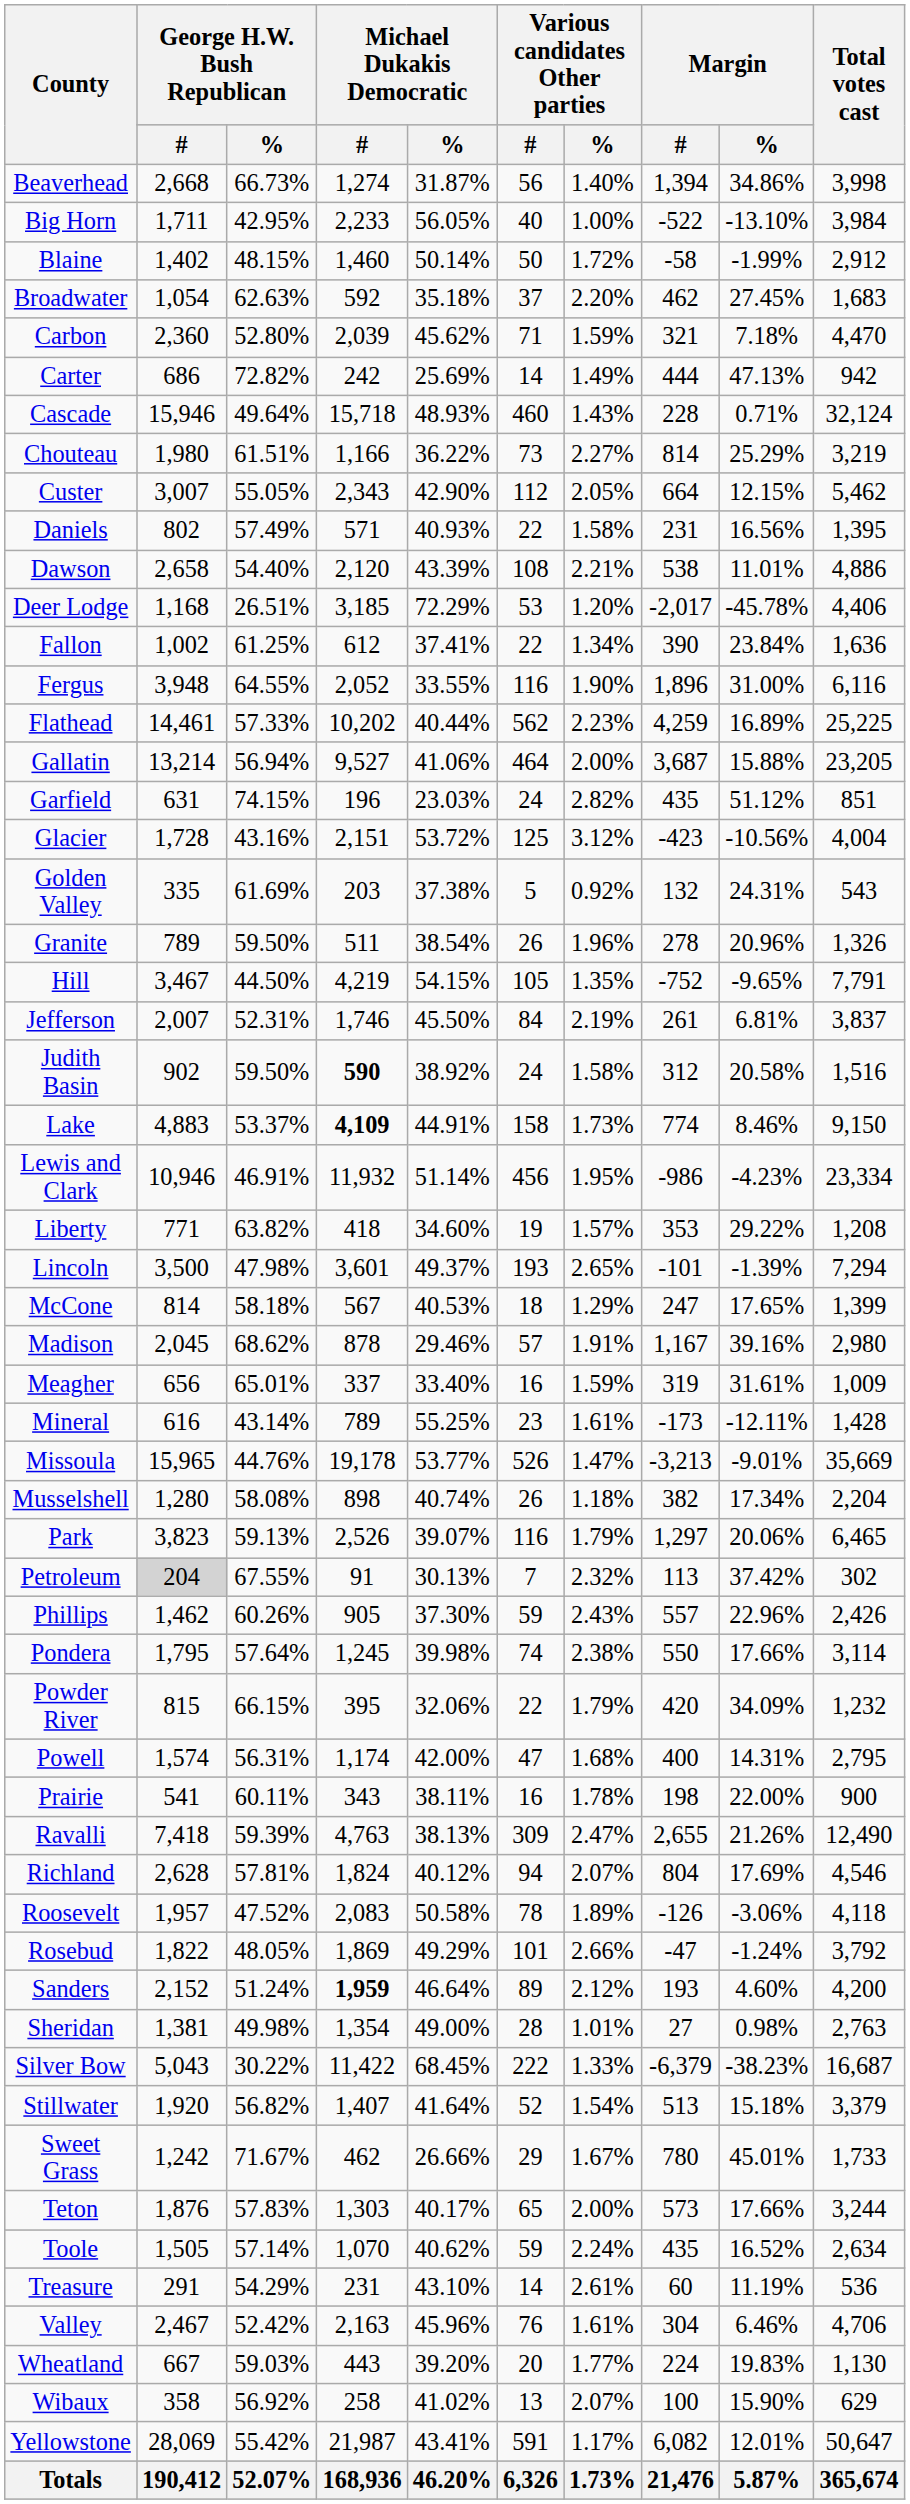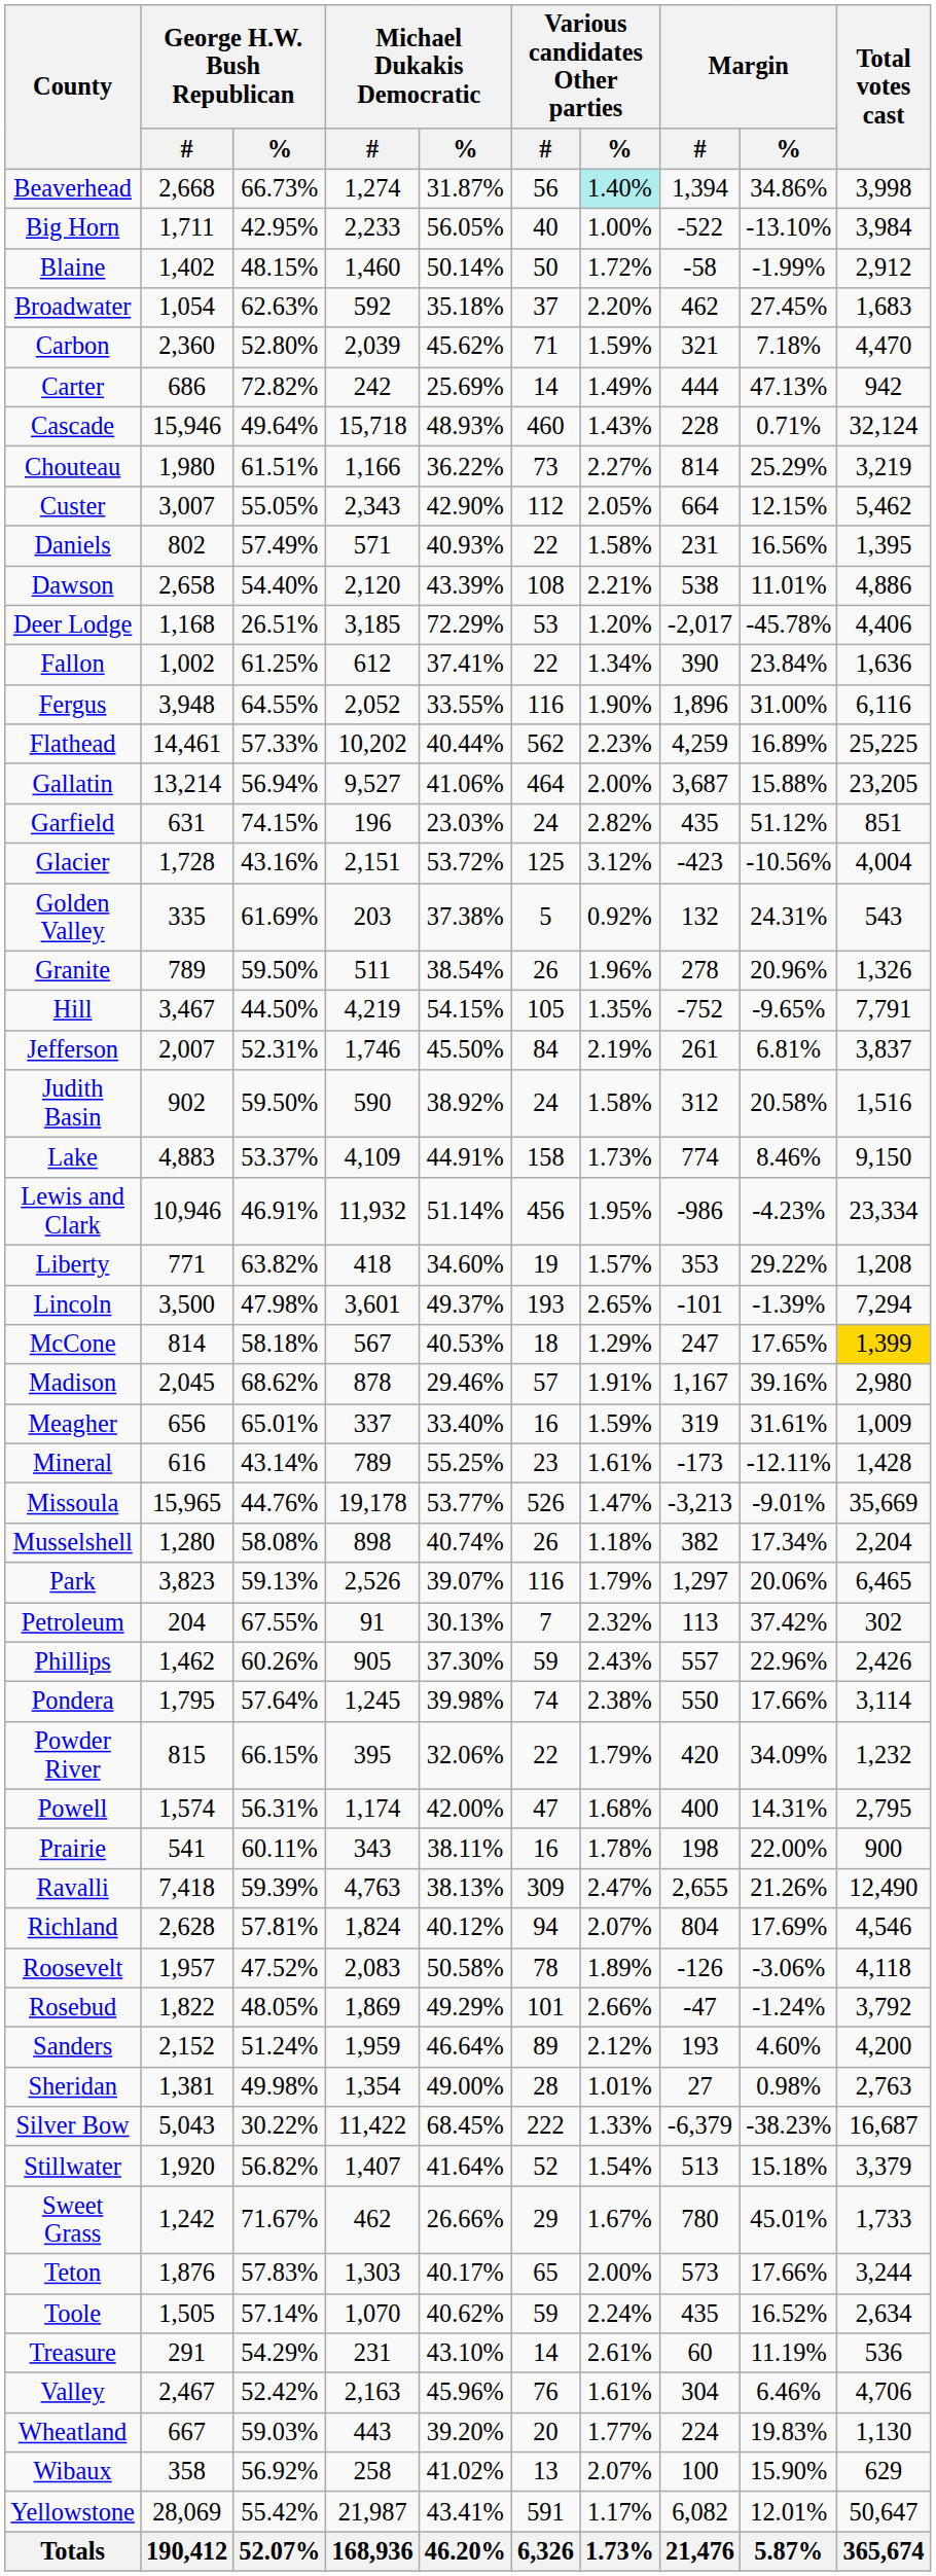 <table width="65%"  class="wikitable sortable" style="text-align:center">
 <tr>
 <th colspan="1" rowspan="2">County</th>
 <th style="text-align:center;" colspan="2">George H.W. Bush<br>Republican</th>
 <th style="text-align:center;" colspan="2">Michael Dukakis<br>Democratic</th>
 <th style="text-align:center;" colspan="2">Various candidates<br>Other parties</th>
 <th style="text-align:center;" colspan="2">Margin</th>
 <th colspan="1" rowspan="2" style="text-align:center;">Total votes cast</th>
 </tr>
 <tr>
 <th style="text-align:center;" data-sort-type="number">#</th>
 <th style="text-align:center;" data-sort-type="number">%</th>
 <th style="text-align:center;" data-sort-type="number">#</th>
 <th style="text-align:center;" data-sort-type="number">%</th>
 <th style="text-align:center;" data-sort-type="number">#</th>
 <th style="text-align:center;" data-sort-type="number">%</th>
 <th style="text-align:center;" data-sort-type="number">#</th>
 <th style="text-align:center;" data-sort-type="number">%</th>
 </tr>
 <tr style="text-align:center;">
 <td><a href='#'>Beaverhead</a></td>
 <td>2,668</td>
 <td>66.73%</td>
 <td>1,274</td>
 <td>31.87%</td>
 <td>56</td>
-<td>1.40%</td>
+<td style="background: paleturquoise;">1.40%</td>
 <td>1,394</td>
 <td>34.86%</td>
 <td>3,998</td>
 </tr>
 <tr style="text-align:center;">
 <td><a href='#'>Big Horn</a></td>
 <td>1,711</td>
 <td>42.95%</td>
 <td>2,233</td>
 <td>56.05%</td>
 <td>40</td>
 <td>1.00%</td>
 <td>-522</td>
 <td>-13.10%</td>
 <td>3,984</td>
 </tr>
 <tr style="text-align:center;">
 <td><a href='#'>Blaine</a></td>
 <td>1,402</td>
 <td>48.15%</td>
 <td>1,460</td>
 <td>50.14%</td>
 <td>50</td>
 <td>1.72%</td>
 <td>-58</td>
 <td>-1.99%</td>
 <td>2,912</td>
 </tr>
 <tr style="text-align:center;">
 <td><a href='#'>Broadwater</a></td>
 <td>1,054</td>
 <td>62.63%</td>
 <td>592</td>
 <td>35.18%</td>
 <td>37</td>
 <td>2.20%</td>
 <td>462</td>
 <td>27.45%</td>
 <td>1,683</td>
 </tr>
 <tr style="text-align:center;">
 <td><a href='#'>Carbon</a></td>
 <td>2,360</td>
 <td>52.80%</td>
 <td>2,039</td>
 <td>45.62%</td>
 <td>71</td>
 <td>1.59%</td>
 <td>321</td>
 <td>7.18%</td>
 <td>4,470</td>
 </tr>
 <tr style="text-align:center;">
 <td><a href='#'>Carter</a></td>
 <td>686</td>
 <td>72.82%</td>
 <td>242</td>
 <td>25.69%</td>
 <td>14</td>
 <td>1.49%</td>
 <td>444</td>
 <td>47.13%</td>
 <td>942</td>
 </tr>
 <tr style="text-align:center;">
 <td><a href='#'>Cascade</a></td>
 <td>15,946</td>
 <td>49.64%</td>
 <td>15,718</td>
 <td>48.93%</td>
 <td>460</td>
 <td>1.43%</td>
 <td>228</td>
 <td>0.71%</td>
 <td>32,124</td>
 </tr>
 <tr style="text-align:center;">
 <td><a href='#'>Chouteau</a></td>
 <td>1,980</td>
 <td>61.51%</td>
 <td>1,166</td>
 <td>36.22%</td>
 <td>73</td>
 <td>2.27%</td>
 <td>814</td>
 <td>25.29%</td>
 <td>3,219</td>
 </tr>
 <tr style="text-align:center;">
 <td><a href='#'>Custer</a></td>
 <td>3,007</td>
 <td>55.05%</td>
 <td>2,343</td>
 <td>42.90%</td>
 <td>112</td>
 <td>2.05%</td>
 <td>664</td>
 <td>12.15%</td>
 <td>5,462</td>
 </tr>
 <tr style="text-align:center;">
 <td><a href='#'>Daniels</a></td>
 <td>802</td>
 <td>57.49%</td>
 <td>571</td>
 <td>40.93%</td>
 <td>22</td>
 <td>1.58%</td>
 <td>231</td>
 <td>16.56%</td>
 <td>1,395</td>
 </tr>
 <tr style="text-align:center;">
 <td><a href='#'>Dawson</a></td>
 <td>2,658</td>
 <td>54.40%</td>
 <td>2,120</td>
 <td>43.39%</td>
 <td>108</td>
 <td>2.21%</td>
 <td>538</td>
 <td>11.01%</td>
 <td>4,886</td>
 </tr>
 <tr style="text-align:center;">
 <td><a href='#'>Deer Lodge</a></td>
 <td>1,168</td>
 <td>26.51%</td>
 <td>3,185</td>
 <td>72.29%</td>
 <td>53</td>
 <td>1.20%</td>
 <td>-2,017</td>
 <td>-45.78%</td>
 <td>4,406</td>
 </tr>
 <tr style="text-align:center;">
 <td><a href='#'>Fallon</a></td>
 <td>1,002</td>
 <td>61.25%</td>
 <td>612</td>
 <td>37.41%</td>
 <td>22</td>
 <td>1.34%</td>
 <td>390</td>
 <td>23.84%</td>
 <td>1,636</td>
 </tr>
 <tr style="text-align:center;">
 <td><a href='#'>Fergus</a></td>
 <td>3,948</td>
 <td>64.55%</td>
 <td>2,052</td>
 <td>33.55%</td>
 <td>116</td>
 <td>1.90%</td>
 <td>1,896</td>
 <td>31.00%</td>
 <td>6,116</td>
 </tr>
 <tr style="text-align:center;">
 <td><a href='#'>Flathead</a></td>
 <td>14,461</td>
 <td>57.33%</td>
 <td>10,202</td>
 <td>40.44%</td>
 <td>562</td>
 <td>2.23%</td>
 <td>4,259</td>
 <td>16.89%</td>
 <td>25,225</td>
 </tr>
 <tr style="text-align:center;">
 <td><a href='#'>Gallatin</a></td>
 <td>13,214</td>
 <td>56.94%</td>
 <td>9,527</td>
 <td>41.06%</td>
 <td>464</td>
 <td>2.00%</td>
 <td>3,687</td>
 <td>15.88%</td>
 <td>23,205</td>
 </tr>
 <tr style="text-align:center;">
 <td><a href='#'>Garfield</a></td>
 <td>631</td>
 <td>74.15%</td>
 <td>196</td>
 <td>23.03%</td>
 <td>24</td>
 <td>2.82%</td>
 <td>435</td>
 <td>51.12%</td>
 <td>851</td>
 </tr>
 <tr style="text-align:center;">
 <td><a href='#'>Glacier</a></td>
 <td>1,728</td>
 <td>43.16%</td>
 <td>2,151</td>
 <td>53.72%</td>
 <td>125</td>
 <td>3.12%</td>
 <td>-423</td>
 <td>-10.56%</td>
 <td>4,004</td>
 </tr>
 <tr style="text-align:center;">
 <td><a href='#'>Golden Valley</a></td>
 <td>335</td>
 <td>61.69%</td>
 <td>203</td>
 <td>37.38%</td>
 <td>5</td>
 <td>0.92%</td>
 <td>132</td>
 <td>24.31%</td>
 <td>543</td>
 </tr>
 <tr style="text-align:center;">
 <td><a href='#'>Granite</a></td>
 <td>789</td>
 <td>59.50%</td>
 <td>511</td>
 <td>38.54%</td>
 <td>26</td>
 <td>1.96%</td>
 <td>278</td>
 <td>20.96%</td>
 <td>1,326</td>
 </tr>
 <tr style="text-align:center;">
 <td><a href='#'>Hill</a></td>
 <td>3,467</td>
 <td>44.50%</td>
 <td>4,219</td>
 <td>54.15%</td>
 <td>105</td>
 <td>1.35%</td>
 <td>-752</td>
 <td>-9.65%</td>
 <td>7,791</td>
 </tr>
 <tr style="text-align:center;">
 <td><a href='#'>Jefferson</a></td>
 <td>2,007</td>
 <td>52.31%</td>
 <td>1,746</td>
 <td>45.50%</td>
 <td>84</td>
 <td>2.19%</td>
 <td>261</td>
 <td>6.81%</td>
 <td>3,837</td>
 </tr>
 <tr style="text-align:center;">
 <td><a href='#'>Judith Basin</a></td>
 <td>902</td>
 <td>59.50%</td>
-<td><strong>590</strong></td>
+<td>590</td>
 <td>38.92%</td>
 <td>24</td>
 <td>1.58%</td>
 <td>312</td>
 <td>20.58%</td>
 <td>1,516</td>
 </tr>
 <tr style="text-align:center;">
 <td><a href='#'>Lake</a></td>
 <td>4,883</td>
 <td>53.37%</td>
-<td><strong>4,109</strong></td>
+<td>4,109</td>
 <td>44.91%</td>
 <td>158</td>
 <td>1.73%</td>
 <td>774</td>
 <td>8.46%</td>
 <td>9,150</td>
 </tr>
 <tr style="text-align:center;">
 <td><a href='#'>Lewis and Clark</a></td>
 <td>10,946</td>
 <td>46.91%</td>
 <td>11,932</td>
 <td>51.14%</td>
 <td>456</td>
 <td>1.95%</td>
 <td>-986</td>
 <td>-4.23%</td>
 <td>23,334</td>
 </tr>
 <tr style="text-align:center;">
 <td><a href='#'>Liberty</a></td>
 <td>771</td>
 <td>63.82%</td>
 <td>418</td>
 <td>34.60%</td>
 <td>19</td>
 <td>1.57%</td>
 <td>353</td>
 <td>29.22%</td>
 <td>1,208</td>
 </tr>
 <tr style="text-align:center;">
 <td><a href='#'>Lincoln</a></td>
 <td>3,500</td>
 <td>47.98%</td>
 <td>3,601</td>
 <td>49.37%</td>
 <td>193</td>
 <td>2.65%</td>
 <td>-101</td>
 <td>-1.39%</td>
 <td>7,294</td>
 </tr>
 <tr style="text-align:center;">
 <td><a href='#'>McCone</a></td>
 <td>814</td>
 <td>58.18%</td>
 <td>567</td>
 <td>40.53%</td>
 <td>18</td>
 <td>1.29%</td>
 <td>247</td>
 <td>17.65%</td>
-<td>1,399</td>
+<td style="background: gold;">1,399</td>
 </tr>
 <tr style="text-align:center;">
 <td><a href='#'>Madison</a></td>
 <td>2,045</td>
 <td>68.62%</td>
 <td>878</td>
 <td>29.46%</td>
 <td>57</td>
 <td>1.91%</td>
 <td>1,167</td>
 <td>39.16%</td>
 <td>2,980</td>
 </tr>
 <tr style="text-align:center;">
 <td><a href='#'>Meagher</a></td>
 <td>656</td>
 <td>65.01%</td>
 <td>337</td>
 <td>33.40%</td>
 <td>16</td>
 <td>1.59%</td>
 <td>319</td>
 <td>31.61%</td>
 <td>1,009</td>
 </tr>
 <tr style="text-align:center;">
 <td><a href='#'>Mineral</a></td>
 <td>616</td>
 <td>43.14%</td>
 <td>789</td>
 <td>55.25%</td>
 <td>23</td>
 <td>1.61%</td>
 <td>-173</td>
 <td>-12.11%</td>
 <td>1,428</td>
 </tr>
 <tr style="text-align:center;">
 <td><a href='#'>Missoula</a></td>
 <td>15,965</td>
 <td>44.76%</td>
 <td>19,178</td>
 <td>53.77%</td>
 <td>526</td>
 <td>1.47%</td>
 <td>-3,213</td>
 <td>-9.01%</td>
 <td>35,669</td>
 </tr>
 <tr style="text-align:center;">
 <td><a href='#'>Musselshell</a></td>
 <td>1,280</td>
 <td>58.08%</td>
 <td>898</td>
 <td>40.74%</td>
 <td>26</td>
 <td>1.18%</td>
 <td>382</td>
 <td>17.34%</td>
 <td>2,204</td>
 </tr>
 <tr style="text-align:center;">
 <td><a href='#'>Park</a></td>
 <td>3,823</td>
 <td>59.13%</td>
 <td>2,526</td>
 <td>39.07%</td>
 <td>116</td>
 <td>1.79%</td>
 <td>1,297</td>
 <td>20.06%</td>
 <td>6,465</td>
 </tr>
 <tr style="text-align:center;">
 <td><a href='#'>Petroleum</a></td>
-<td style="background: lightgrey;">204</td>
+<td>204</td>
 <td>67.55%</td>
 <td>91</td>
 <td>30.13%</td>
 <td>7</td>
 <td>2.32%</td>
 <td>113</td>
 <td>37.42%</td>
 <td>302</td>
 </tr>
 <tr style="text-align:center;">
 <td><a href='#'>Phillips</a></td>
 <td>1,462</td>
 <td>60.26%</td>
 <td>905</td>
 <td>37.30%</td>
 <td>59</td>
 <td>2.43%</td>
 <td>557</td>
 <td>22.96%</td>
 <td>2,426</td>
 </tr>
 <tr style="text-align:center;">
 <td><a href='#'>Pondera</a></td>
 <td>1,795</td>
 <td>57.64%</td>
 <td>1,245</td>
 <td>39.98%</td>
 <td>74</td>
 <td>2.38%</td>
 <td>550</td>
 <td>17.66%</td>
 <td>3,114</td>
 </tr>
 <tr style="text-align:center;">
 <td><a href='#'>Powder River</a></td>
 <td>815</td>
 <td>66.15%</td>
 <td>395</td>
 <td>32.06%</td>
 <td>22</td>
 <td>1.79%</td>
 <td>420</td>
 <td>34.09%</td>
 <td>1,232</td>
 </tr>
 <tr style="text-align:center;">
 <td><a href='#'>Powell</a></td>
 <td>1,574</td>
 <td>56.31%</td>
 <td>1,174</td>
 <td>42.00%</td>
 <td>47</td>
 <td>1.68%</td>
 <td>400</td>
 <td>14.31%</td>
 <td>2,795</td>
 </tr>
 <tr style="text-align:center;">
 <td><a href='#'>Prairie</a></td>
 <td>541</td>
 <td>60.11%</td>
 <td>343</td>
 <td>38.11%</td>
 <td>16</td>
 <td>1.78%</td>
 <td>198</td>
 <td>22.00%</td>
 <td>900</td>
 </tr>
 <tr style="text-align:center;">
 <td><a href='#'>Ravalli</a></td>
 <td>7,418</td>
 <td>59.39%</td>
 <td>4,763</td>
 <td>38.13%</td>
 <td>309</td>
 <td>2.47%</td>
 <td>2,655</td>
 <td>21.26%</td>
 <td>12,490</td>
 </tr>
 <tr style="text-align:center;">
 <td><a href='#'>Richland</a></td>
 <td>2,628</td>
 <td>57.81%</td>
 <td>1,824</td>
 <td>40.12%</td>
 <td>94</td>
 <td>2.07%</td>
 <td>804</td>
 <td>17.69%</td>
 <td>4,546</td>
 </tr>
 <tr style="text-align:center;">
 <td><a href='#'>Roosevelt</a></td>
 <td>1,957</td>
 <td>47.52%</td>
 <td>2,083</td>
 <td>50.58%</td>
 <td>78</td>
 <td>1.89%</td>
 <td>-126</td>
 <td>-3.06%</td>
 <td>4,118</td>
 </tr>
 <tr style="text-align:center;">
 <td><a href='#'>Rosebud</a></td>
 <td>1,822</td>
 <td>48.05%</td>
 <td>1,869</td>
 <td>49.29%</td>
 <td>101</td>
 <td>2.66%</td>
 <td>-47</td>
 <td>-1.24%</td>
 <td>3,792</td>
 </tr>
 <tr style="text-align:center;">
 <td><a href='#'>Sanders</a></td>
 <td>2,152</td>
 <td>51.24%</td>
-<td><strong>1,959</strong></td>
+<td>1,959</td>
 <td>46.64%</td>
 <td>89</td>
 <td>2.12%</td>
 <td>193</td>
 <td>4.60%</td>
 <td>4,200</td>
 </tr>
 <tr style="text-align:center;">
 <td><a href='#'>Sheridan</a></td>
 <td>1,381</td>
 <td>49.98%</td>
 <td>1,354</td>
 <td>49.00%</td>
 <td>28</td>
 <td>1.01%</td>
 <td>27</td>
 <td>0.98%</td>
 <td>2,763</td>
 </tr>
 <tr style="text-align:center;">
 <td><a href='#'>Silver Bow</a></td>
 <td>5,043</td>
 <td>30.22%</td>
 <td>11,422</td>
 <td>68.45%</td>
 <td>222</td>
 <td>1.33%</td>
 <td>-6,379</td>
 <td>-38.23%</td>
 <td>16,687</td>
 </tr>
 <tr style="text-align:center;">
 <td><a href='#'>Stillwater</a></td>
 <td>1,920</td>
 <td>56.82%</td>
 <td>1,407</td>
 <td>41.64%</td>
 <td>52</td>
 <td>1.54%</td>
 <td>513</td>
 <td>15.18%</td>
 <td>3,379</td>
 </tr>
 <tr style="text-align:center;">
 <td><a href='#'>Sweet Grass</a></td>
 <td>1,242</td>
 <td>71.67%</td>
 <td>462</td>
 <td>26.66%</td>
 <td>29</td>
 <td>1.67%</td>
 <td>780</td>
 <td>45.01%</td>
 <td>1,733</td>
 </tr>
 <tr style="text-align:center;">
 <td><a href='#'>Teton</a></td>
 <td>1,876</td>
 <td>57.83%</td>
 <td>1,303</td>
 <td>40.17%</td>
 <td>65</td>
 <td>2.00%</td>
 <td>573</td>
 <td>17.66%</td>
 <td>3,244</td>
 </tr>
 <tr style="text-align:center;">
 <td><a href='#'>Toole</a></td>
 <td>1,505</td>
 <td>57.14%</td>
 <td>1,070</td>
 <td>40.62%</td>
 <td>59</td>
 <td>2.24%</td>
 <td>435</td>
 <td>16.52%</td>
 <td>2,634</td>
 </tr>
 <tr style="text-align:center;">
 <td><a href='#'>Treasure</a></td>
 <td>291</td>
 <td>54.29%</td>
 <td>231</td>
 <td>43.10%</td>
 <td>14</td>
 <td>2.61%</td>
 <td>60</td>
 <td>11.19%</td>
 <td>536</td>
 </tr>
 <tr style="text-align:center;">
 <td><a href='#'>Valley</a></td>
 <td>2,467</td>
 <td>52.42%</td>
 <td>2,163</td>
 <td>45.96%</td>
 <td>76</td>
 <td>1.61%</td>
 <td>304</td>
 <td>6.46%</td>
 <td>4,706</td>
 </tr>
 <tr style="text-align:center;">
 <td><a href='#'>Wheatland</a></td>
 <td>667</td>
 <td>59.03%</td>
 <td>443</td>
 <td>39.20%</td>
 <td>20</td>
 <td>1.77%</td>
 <td>224</td>
 <td>19.83%</td>
 <td>1,130</td>
 </tr>
 <tr style="text-align:center;">
 <td><a href='#'>Wibaux</a></td>
 <td>358</td>
 <td>56.92%</td>
 <td>258</td>
 <td>41.02%</td>
 <td>13</td>
 <td>2.07%</td>
 <td>100</td>
 <td>15.90%</td>
 <td>629</td>
 </tr>
 <tr style="text-align:center;">
 <td><a href='#'>Yellowstone</a></td>
 <td>28,069</td>
 <td>55.42%</td>
 <td>21,987</td>
 <td>43.41%</td>
 <td>591</td>
 <td>1.17%</td>
 <td>6,082</td>
 <td>12.01%</td>
 <td>50,647</td>
 </tr>
 <tr style="text-align:center;">
 <th>Totals</th>
 <th>190,412</th>
 <th>52.07%</th>
 <th>168,936</th>
 <th>46.20%</th>
 <th>6,326</th>
 <th>1.73%</th>
 <th>21,476</th>
 <th>5.87%</th>
 <th>365,674</th>
 </tr>
 </table>
